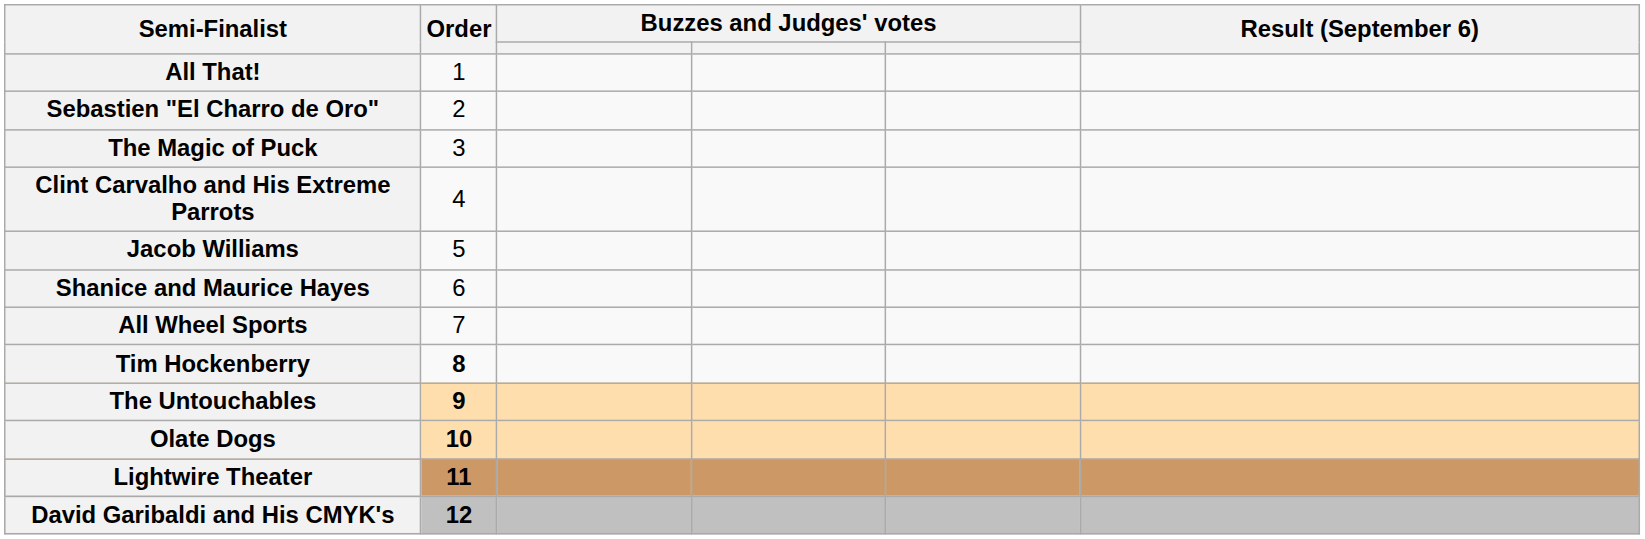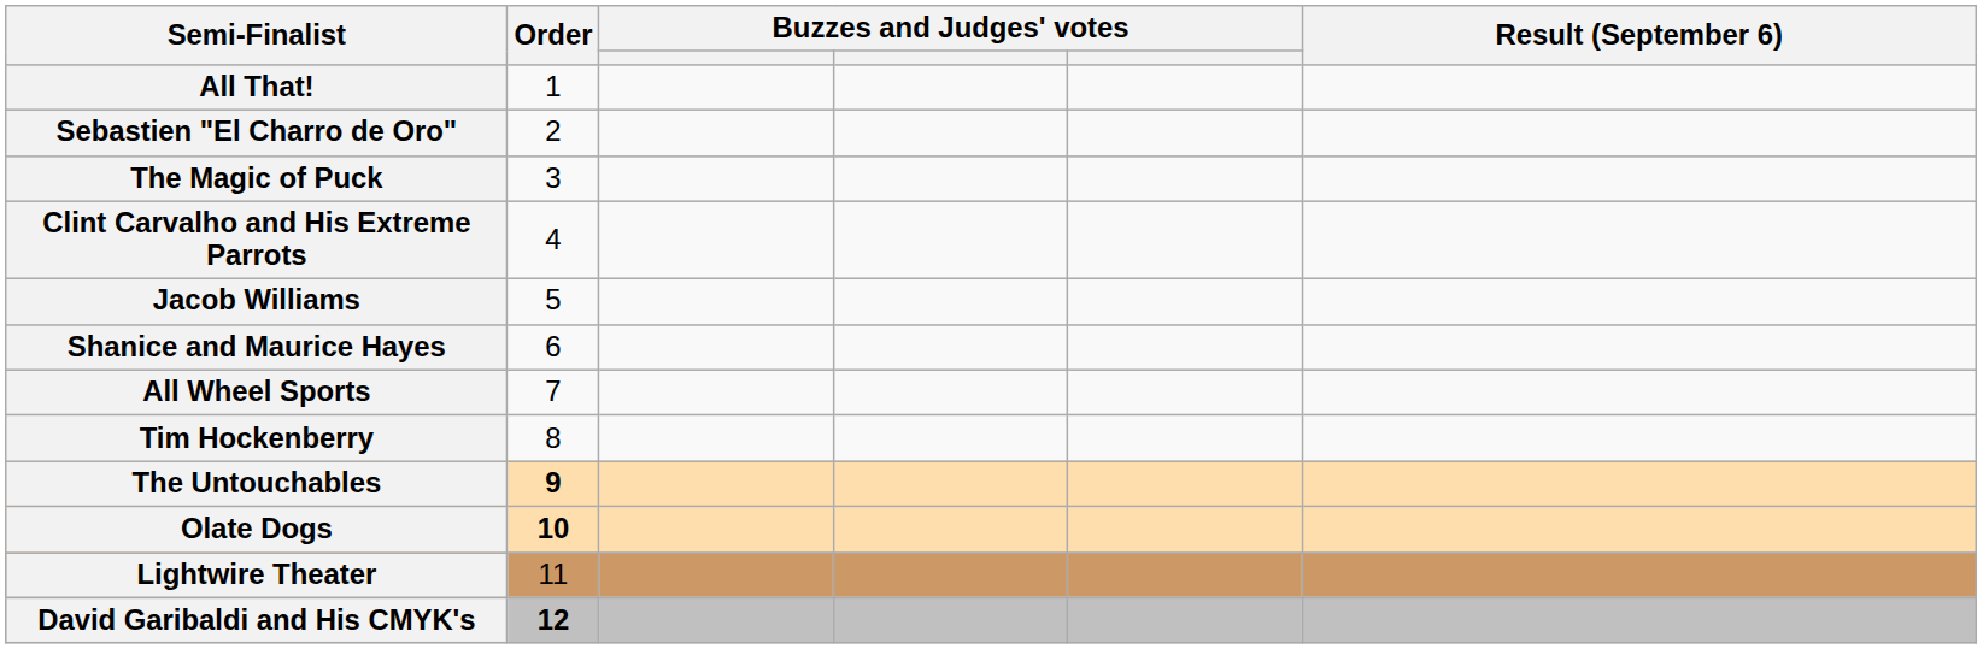 <table class="wikitable plainrowheaders sortable" style="text-align:center;">
 <tr>
 <th scope="col" rowspan="2" class="unsortable" style="width:17em;">Semi-Finalist</th>
 <th scope="col" rowspan="2" style="width:1em;">Order</th>
 <th scope="col" colspan="3" class="unsortable" style="width:24em;">Buzzes and Judges' votes</th>
 <th scope="col" rowspan="2" style="width:23em;">Result (September 6) </th>
 </tr>
 <tr>
 <th scope="col" class="unsortable" style="width:6em;"></th>
 <th scope="col" class="unsortable" style="width:6em;"></th>
 <th scope="col" class="unsortable" style="width:6em;"></th>
 </tr>
 <tr>
 <th scope="row">All That!</th>
 <td>1</td>
 <td style="text-align:center;"></td>
 <td style="text-align:center;"></td>
 <td style="text-align:center;"></td>
 <td></td>
 </tr>
 <tr>
 <th scope="row">Sebastien "El Charro de Oro"</th>
 <td>2</td>
 <td style="text-align:center;"></td>
 <td style="text-align:center;"></td>
 <td style="text-align:center;"></td>
 <td></td>
 </tr>
 <tr>
 <th scope="row">The Magic of Puck</th>
 <td>3</td>
 <td style="text-align:center;"></td>
 <td style="text-align:center;"></td>
 <td style="text-align:center;"></td>
 <td></td>
 </tr>
 <tr>
 <th scope="row">Clint Carvalho and His Extreme Parrots</th>
 <td>4</td>
 <td style="text-align:center;"></td>
 <td style="text-align:center;"></td>
 <td style="text-align:center;"></td>
 <td></td>
 </tr>
 <tr>
 <th scope="row">Jacob Williams</th>
 <td>5</td>
 <td style="text-align:center;"></td>
 <td style="text-align:center;"></td>
 <td style="text-align:center;"></td>
 <td></td>
 </tr>
 <tr>
 <th scope="row">Shanice and Maurice Hayes</th>
 <td>6</td>
 <td style="text-align:center;"></td>
 <td style="text-align:center;"></td>
 <td style="text-align:center;"></td>
 <td></td>
 </tr>
 <tr>
 <th scope="row">All Wheel Sports</th>
 <td>7</td>
 <td style="text-align:center;"></td>
 <td style="text-align:center;"></td>
 <td style="text-align:center;"></td>
 <td></td>
 </tr>
 <tr>
 <th scope="row">Tim Hockenberry</th>
-<td><strong>8</strong></td>
+<td>8</td>
 <td style="text-align:center;"></td>
 <td style="text-align:center;"></td>
 <td style="text-align:center;"></td>
 <td></td>
 </tr>
 <tr style="background:NavajoWhite;">
 <th scope="row"><strong>The Untouchables</strong></th>
 <td><strong>9</strong></td>
 <td style="text-align:center;"></td>
 <td style="text-align:center;"></td>
 <td style="text-align:center;"></td>
 <td><strong></strong></td>
 </tr>
 <tr style="background:NavajoWhite;">
 <th scope="row"><strong>Olate Dogs</strong></th>
 <td><strong>10</strong></td>
 <td style="text-align:center;"></td>
 <td style="text-align:center;"></td>
 <td style="text-align:center;"></td>
 <td><strong></strong></td>
 </tr>
 <tr style="background:#c96">
 <th scope="row">Lightwire Theater</th>
-<td><strong>11</strong></td>
+<td>11</td>
 <td style="text-align:center;"></td>
 <td style="text-align:center;"></td>
 <td style="text-align:center;"></td>
 <td></td>
 </tr>
 <tr style="background:silver">
 <th scope="row"><strong>David Garibaldi and His CMYK's</strong></th>
 <td><strong>12</strong></td>
 <td style="text-align:center;"></td>
 <td style="text-align:center;"></td>
 <td style="text-align:center;"></td>
 <td><strong></strong></td>
 </tr>
 </table>
